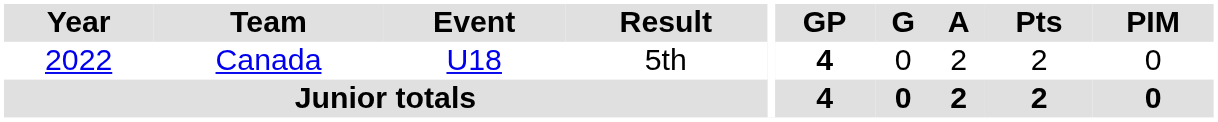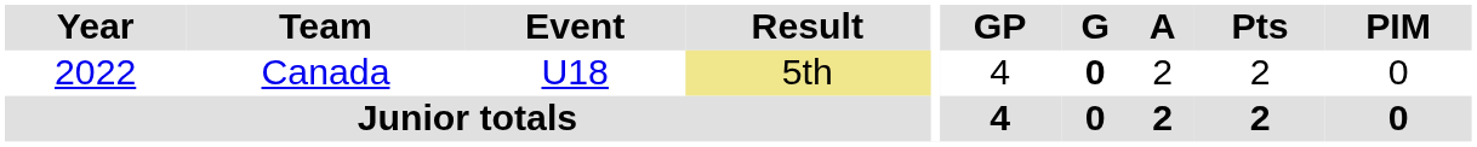 <table border="0" cellpadding="1" cellspacing="0" ID="Table3" style="text-align:center; width:40em;">
 <tr bgcolor="#e0e0e0">
 <th>Year</th>
 <th>Team</th>
 <th>Event</th>
 <th>Result</th>
 <th rowspan="99" bgcolor="#ffffff"></th>
 <th>GP</th>
 <th>G</th>
 <th>A</th>
 <th>Pts</th>
 <th>PIM</th>
 </tr>
 <tr>
 <td><a href='#'>2022</a></td>
 <td><a href='#'>Canada</a></td>
 <td><a href='#'>U18</a></td>
-<td>5th</td>
-<td><strong>4</strong></td>
-<td>0</td>
+<td style="background: khaki;">5th</td>
+<td>4</td>
+<td><strong>0</strong></td>
 <td>2</td>
 <td>2</td>
 <td>0</td>
 </tr>
 <tr bgcolor="#e0e0e0">
 <th colspan="4">Junior totals</th>
 <th>4</th>
 <th>0</th>
 <th>2</th>
 <th>2</th>
 <th>0</th>
 </tr>
 </table>
